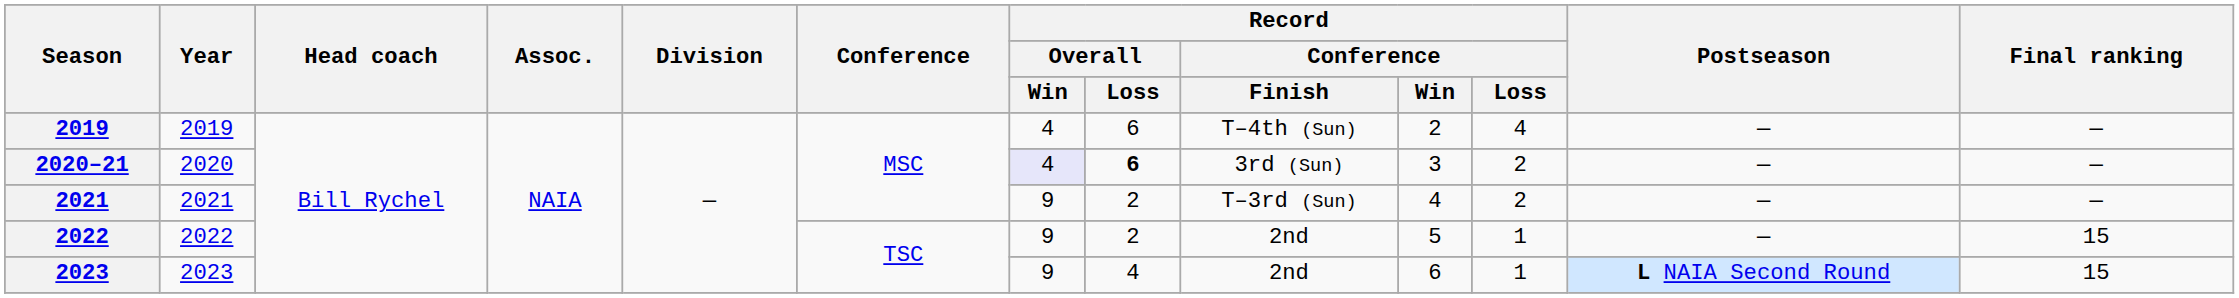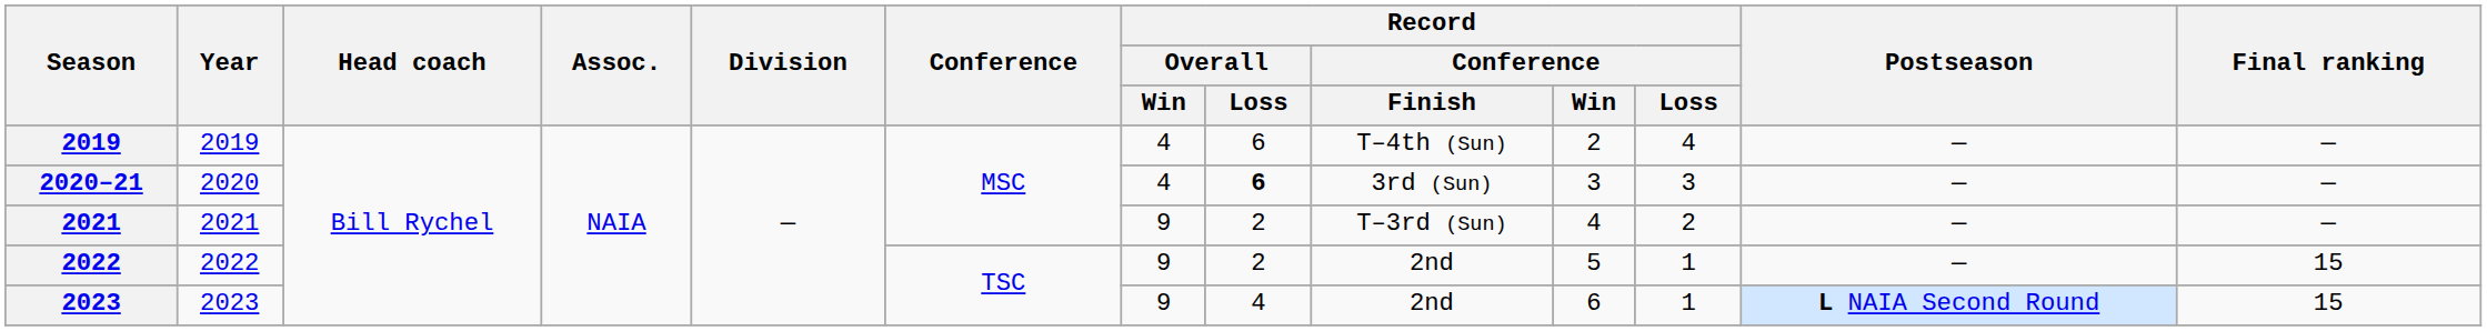 <table class="wikitable" style="font-size: 95%; width:98%;text-align:center;">
 <tr>
 <th rowspan="3">Season</th>
 <th rowspan="3">Year</th>
 <th rowspan="3">Head coach</th>
 <th rowspan="3">Assoc.</th>
 <th rowspan="3">Division</th>
 <th rowspan="3">Conference</th>
 <th colspan="5">Record</th>
 <th rowspan="3">Postseason</th>
 <th rowspan="3">Final ranking</th>
 </tr>
 <tr>
 <th colspan="2">Overall</th>
 <th colspan="3">Conference</th>
 </tr>
 <tr>
 <th>Win</th>
 <th>Loss</th>
 <th>Finish</th>
 <th>Win</th>
 <th>Loss</th>
 </tr>
 <tr>
 <th><a href='#'>2019</a></th>
 <td><a href='#'>2019</a></td>
 <td rowspan="5"><a href='#'>Bill Rychel</a></td>
 <td rowspan="5"><a href='#'>NAIA</a></td>
 <td rowspan="5">—</td>
 <td rowspan="3"><a href='#'>MSC</a></td>
 <td>4</td>
 <td>6</td>
 <td>T–4th <small>(Sun)</small></td>
 <td>2</td>
 <td>4</td>
 <td>—</td>
 <td>—</td>
 </tr>
 <tr>
 <th><a href='#'>2020–21</a></th>
 <td><a href='#'>2020</a></td>
-<td style="background: lavender;">4</td>
+<td>4</td>
 <td><strong>6</strong></td>
 <td>3rd <small>(Sun)</small></td>
 <td>3</td>
-<td>2</td>
+<td>3</td>
 <td>—</td>
 <td>—</td>
 </tr>
 <tr>
 <th><a href='#'>2021</a></th>
 <td><a href='#'>2021</a></td>
 <td>9</td>
 <td>2</td>
 <td>T–3rd <small>(Sun)</small></td>
 <td>4</td>
 <td>2</td>
 <td>—</td>
 <td>—</td>
 </tr>
 <tr>
 <th><a href='#'>2022</a></th>
 <td><a href='#'>2022</a></td>
 <td rowspan="2"><a href='#'>TSC</a></td>
 <td>9</td>
 <td>2</td>
 <td>2nd</td>
 <td>5</td>
 <td>1</td>
 <td>—</td>
 <td>15</td>
 </tr>
 <tr>
 <th><a href='#'>2023</a></th>
 <td><a href='#'>2023</a></td>
 <td>9</td>
 <td>4</td>
 <td>2nd</td>
 <td>6</td>
 <td>1</td>
 <td bgcolor="#d0e7ff"><strong>L</strong> <a href='#'>NAIA Second Round</a></td>
 <td>15</td>
 </tr>
 </table>
